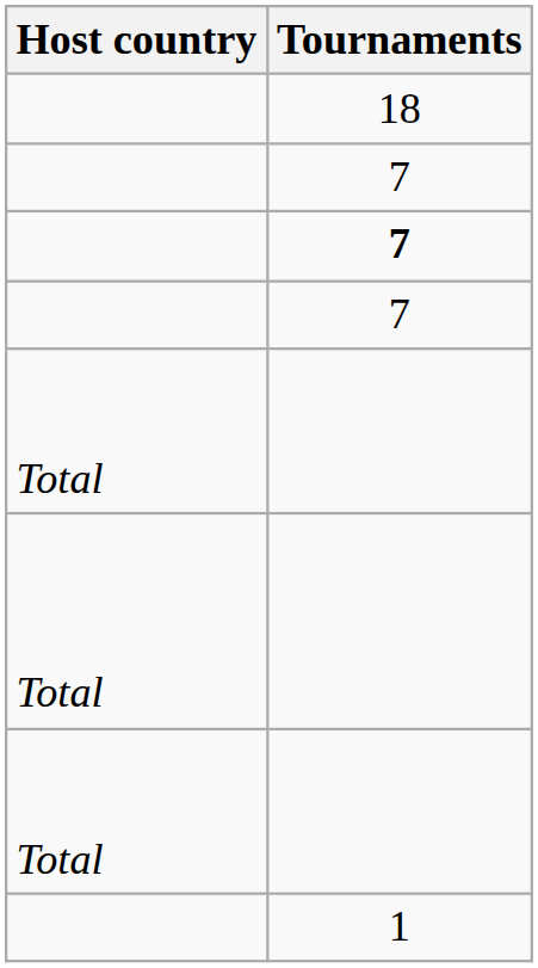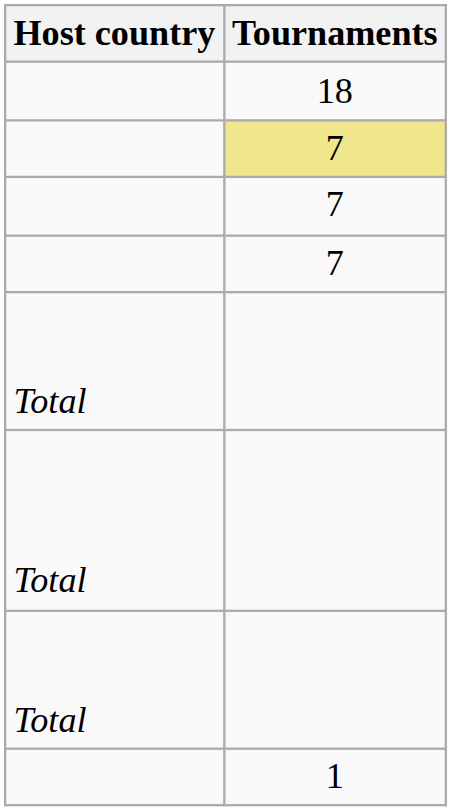 <table class="wikitable sortable">
 <tr bgcolor="#efefef" align=left>
 <th>Host country</th>
 <th>Tournaments</th>
 </tr>
 <tr align=center>
 <td align="left"></td>
 <td>18</td>
 </tr>
 <tr align=center>
 <td align="left"></td>
-<td>7</td>
+<td style="background: khaki;">7</td>
 </tr>
 <tr align=center>
 <td align="left"></td>
-<td><strong>7</strong></td>
+<td>7</td>
 </tr>
 <tr align=center>
 <td align="left"></td>
 <td>7</td>
 </tr>
 <tr align=center>
 <td align=left><br><em></em><br><em>Total</em> </td>
 <td></td>
 </tr>
 <tr align=center>
 <td align=left><br><em></em><br><em></em><br><em>Total</em> </td>
 <td></td>
 </tr>
 <tr align=center>
 <td align=left><br><em></em><br><em>Total</em> </td>
 <td></td>
 </tr>
 <tr align=center>
 <td align="left"></td>
 <td>1</td>
 </tr>
 </table>
